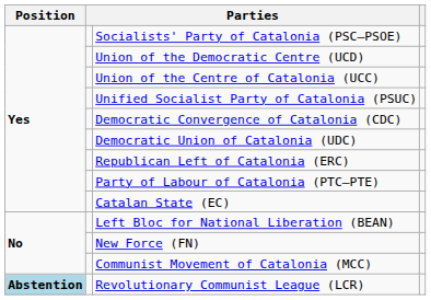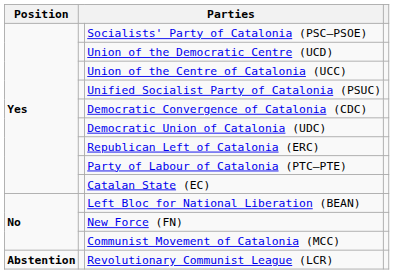 <table class="wikitable" style="font-size:97%; text-align:left;">
 <tr>
 <th>Position</th>
 <th colspan="2">Parties</th>
 <th></th>
 </tr>
 <tr>
 <td rowspan="9"> <strong>Yes</strong></td>
 <td width="1" bgcolor=></td>
 <td><a href='#'>Socialists' Party of Catalonia</a> (PSC–PSOE)</td>
 <td></td>
 </tr>
 <tr>
 <td bgcolor=></td>
 <td><a href='#'>Union of the Democratic Centre</a> (UCD)</td>
 <td></td>
 </tr>
 <tr>
 <td bgcolor=></td>
 <td><a href='#'>Union of the Centre of Catalonia</a> (UCC)</td>
 <td></td>
 </tr>
 <tr>
 <td bgcolor=></td>
 <td><a href='#'>Unified Socialist Party of Catalonia</a> (PSUC)</td>
 <td></td>
 </tr>
 <tr>
 <td bgcolor=></td>
 <td><a href='#'>Democratic Convergence of Catalonia</a> (CDC)</td>
 <td></td>
 </tr>
 <tr>
 <td bgcolor=></td>
 <td><a href='#'>Democratic Union of Catalonia</a> (UDC)</td>
 <td></td>
 </tr>
 <tr>
 <td style="color:inherit;background:"></td>
 <td><a href='#'>Republican Left of Catalonia</a> (ERC)</td>
 <td></td>
 </tr>
 <tr>
 <td style="color:inherit;background:"></td>
 <td><a href='#'>Party of Labour of Catalonia</a> (PTC–PTE)</td>
 <td></td>
 </tr>
 <tr>
 <td style="color:inherit;background:"></td>
 <td><a href='#'>Catalan State</a> (EC)</td>
 <td></td>
 </tr>
 <tr>
 <td rowspan="3"> <strong>No</strong></td>
 <td style="color:inherit;background:"></td>
 <td><a href='#'>Left Bloc for National Liberation</a> (BEAN)</td>
 <td></td>
 </tr>
 <tr>
 <td style="color:inherit;background:"></td>
 <td><a href='#'>New Force</a> (FN)</td>
 <td></td>
 </tr>
 <tr>
 <td style="color:inherit;background:"></td>
 <td><a href='#'>Communist Movement of Catalonia</a> (MCC)</td>
 <td></td>
 </tr>
 <tr>
-<td style="background: lightblue;"><strong>Abstention</strong></td>
+<td><strong>Abstention</strong></td>
 <td style="color:inherit;background:"></td>
 <td><a href='#'>Revolutionary Communist League</a> (LCR)</td>
 <td></td>
 </tr>
 </table>
